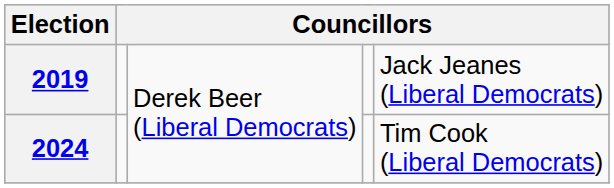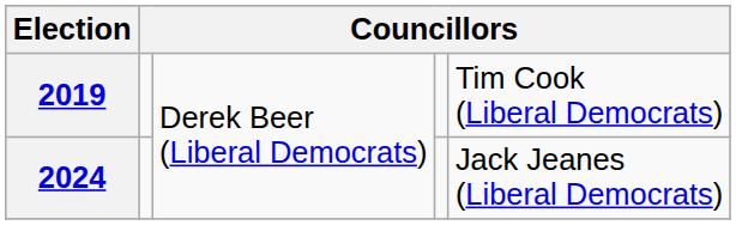 <table class="wikitable">
 <tr>
 <th>Election</th>
 <th colspan="4">Councillors</th>
 </tr>
 <tr>
 <th><a href='#'>2019</a></th>
 <td rowspan="1;" style="background-color: "></td>
 <td rowspan="2">Derek Beer<br>(<a href='#'>Liberal Democrats</a>)</td>
 <td rowspan="1;" style="background-color: "></td>
-<td>Jack Jeanes<br>(<a href='#'>Liberal Democrats</a>)</td>
+<td>Tim Cook<br>(<a href='#'>Liberal Democrats</a>)</td>
 </tr>
 <tr>
 <th><a href='#'>2024</a></th>
 <td rowspan="1;" style="background-color: "></td>
 <td rowspan="1;" style="background-color: "></td>
-<td>Tim Cook<br>(<a href='#'>Liberal Democrats</a>)</td>
+<td>Jack Jeanes<br>(<a href='#'>Liberal Democrats</a>)</td>
 </tr>
 </table>
